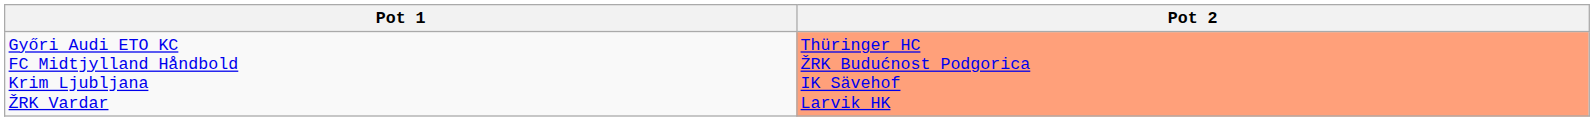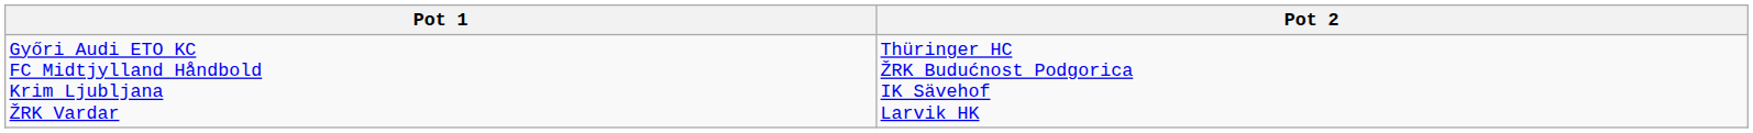 <table class="wikitable">
 <tr>
 <th width=15%>Pot 1</th>
 <th width=15%>Pot 2</th>
 </tr>
 <tr>
 <td valign="top"> <a href='#'>Győri Audi ETO KC</a><br> <a href='#'>FC Midtjylland Håndbold</a><br> <a href='#'>Krim Ljubljana</a><br> <a href='#'>ŽRK Vardar</a></td>
-<td valign="top" style="background: lightsalmon;"> <a href='#'>Thüringer HC</a><br> <a href='#'>ŽRK Budućnost Podgorica</a><br> <a href='#'>IK Sävehof</a><br> <a href='#'>Larvik HK</a></td>
+<td valign="top"> <a href='#'>Thüringer HC</a><br> <a href='#'>ŽRK Budućnost Podgorica</a><br> <a href='#'>IK Sävehof</a><br> <a href='#'>Larvik HK</a></td>
 </tr>
 </table>
